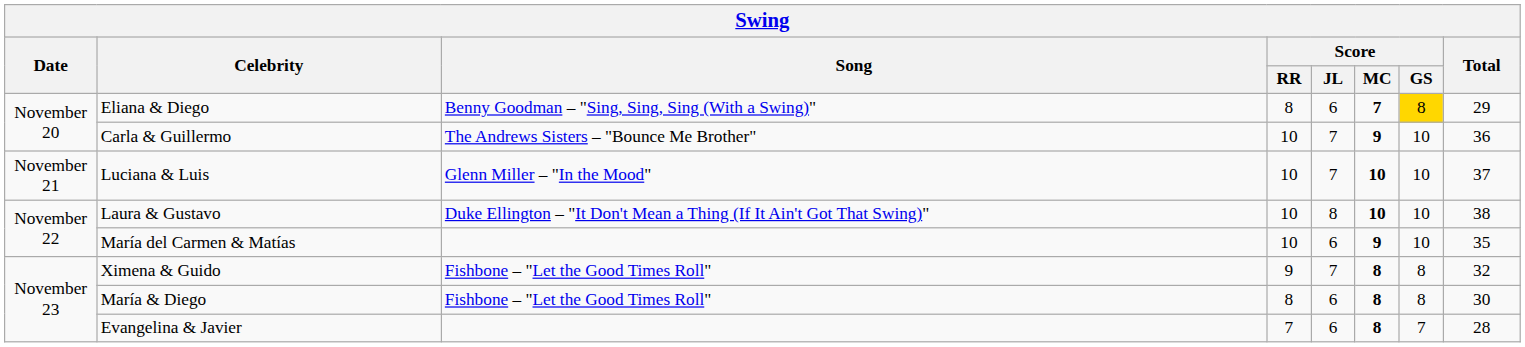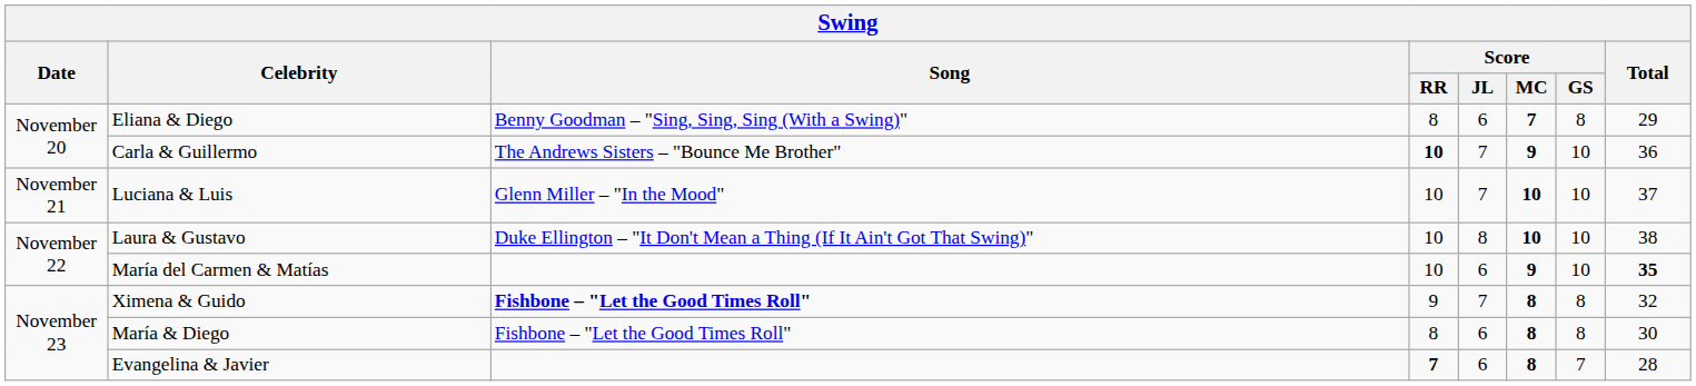 <table class="wikitable collapsible collapsed" style="font-size:90%; text-align: center; width: 100%;">
 <tr>
 <th colspan="11" style="with: 95%;"><big><a href='#'>Swing</a></big></th>
 </tr>
 <tr>
 <th width=70 rowspan="2">Date</th>
 <th width=280 rowspan="2">Celebrity</th>
 <th rowspan="2">Song</th>
 <th colspan="4">Score</th>
 <th rowspan="2">Total</th>
 </tr>
 <tr>
 <th width=30>RR</th>
 <th width=30>JL</th>
 <th width=30>MC</th>
 <th width=30>GS</th>
 </tr>
 <tr>
 <td rowspan="2">November 20</td>
 <td style="text-align:left;">Eliana & Diego</td>
 <td style="text-align:left;"><a href='#'>Benny Goodman</a> – "<a href='#'>Sing, Sing, Sing (With a Swing)</a>"</td>
 <td>8</td>
 <td>6</td>
 <td><strong>7</strong></td>
-<td style="background: gold;">8</td>
+<td>8</td>
 <td>29</td>
 </tr>
 <tr>
 <td style="text-align:left;">Carla & Guillermo</td>
 <td style="text-align:left;"><a href='#'>The Andrews Sisters</a> – "Bounce Me Brother"</td>
-<td>10</td>
+<td><strong>10</strong></td>
 <td>7</td>
 <td><strong>9</strong></td>
 <td>10</td>
 <td>36</td>
 </tr>
 <tr>
 <td>November 21</td>
 <td style="text-align:left;">Luciana & Luis</td>
 <td style="text-align:left;"><a href='#'>Glenn Miller</a> – "<a href='#'>In the Mood</a>"</td>
 <td>10</td>
 <td>7</td>
 <td><strong>10</strong></td>
 <td>10</td>
 <td>37</td>
 </tr>
 <tr>
 <td rowspan="2">November 22</td>
 <td style="text-align:left;">Laura & Gustavo</td>
 <td style="text-align:left;"><a href='#'>Duke Ellington</a> – "<a href='#'>It Don't Mean a Thing (If It Ain't Got That Swing)</a>"</td>
 <td>10</td>
 <td>8</td>
 <td><strong>10</strong></td>
 <td>10</td>
 <td>38</td>
 </tr>
 <tr>
 <td style="text-align:left;">María del Carmen & Matías</td>
 <td></td>
 <td>10</td>
 <td>6</td>
 <td><strong>9</strong></td>
 <td>10</td>
-<td>35</td>
+<td><strong>35</strong></td>
 </tr>
 <tr>
 <td rowspan="3">November 23</td>
 <td style="text-align:left;">Ximena & Guido</td>
-<td style="text-align:left;"><a href='#'>Fishbone</a> – "<a href='#'>Let the Good Times Roll</a>"</td>
+<td style="text-align:left;"><strong><a href='#'>Fishbone</a> – "<a href='#'>Let the Good Times Roll</a>"</strong></td>
 <td>9</td>
 <td>7</td>
 <td><strong>8</strong></td>
 <td>8</td>
 <td>32</td>
 </tr>
 <tr>
 <td style="text-align:left;">María & Diego</td>
 <td style="text-align:left;"><a href='#'>Fishbone</a> – "<a href='#'>Let the Good Times Roll</a>"</td>
 <td>8</td>
 <td>6</td>
 <td><strong>8</strong></td>
 <td>8</td>
 <td>30</td>
 </tr>
 <tr>
 <td style="text-align:left;">Evangelina & Javier</td>
 <td></td>
-<td>7</td>
+<td><strong>7</strong></td>
 <td>6</td>
 <td><strong>8</strong></td>
 <td>7</td>
 <td>28</td>
 </tr>
 </table>
